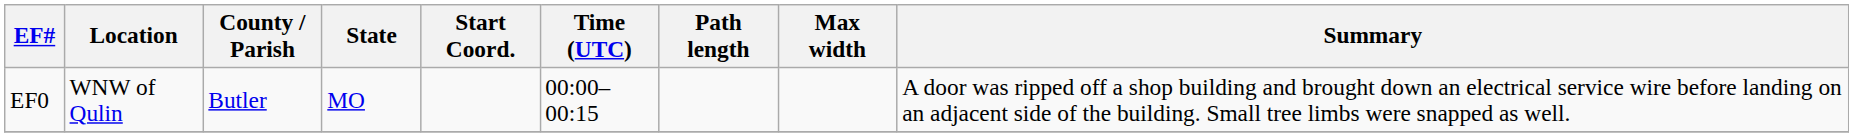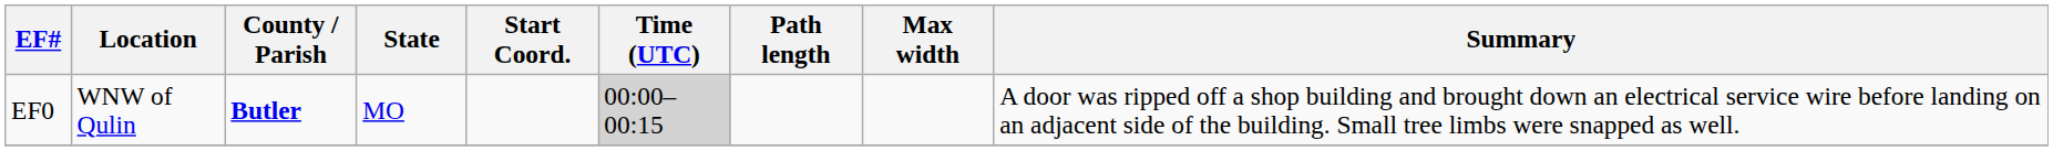 <table class="wikitable sortable" style="width:100%;">
 <tr>
 <th scope="col"  style="width:3%; text-align:center;"><a href='#'>EF#</a></th>
 <th scope="col"  style="width:7%; text-align:center;" class="unsortable">Location</th>
 <th scope="col"  style="width:6%; text-align:center;" class="unsortable">County / Parish</th>
 <th scope="col"  style="width:5%; text-align:center;">State</th>
 <th scope="col"  style="width:6%; text-align:center;">Start Coord.</th>
 <th scope="col"  style="width:6%; text-align:center;">Time (<a href='#'>UTC</a>)</th>
 <th scope="col"  style="width:6%; text-align:center;">Path length</th>
 <th scope="col"  style="width:6%; text-align:center;">Max width</th>
 <th scope="col" class="unsortable" style="width:48%; text-align:center;">Summary</th>
 </tr>
 <tr>
 <td bgcolor=>EF0</td>
 <td>WNW of <a href='#'>Qulin</a></td>
-<td><a href='#'>Butler</a></td>
+<td><strong><a href='#'>Butler</a></strong></td>
 <td><a href='#'>MO</a></td>
 <td></td>
-<td>00:00–00:15</td>
+<td style="background: lightgrey;">00:00–00:15</td>
 <td></td>
 <td></td>
 <td>A door was ripped off a shop building and brought down an electrical service wire before landing on an adjacent side of the building. Small tree limbs were snapped as well.</td>
 </tr>
 <tr>
 </tr>
 </table>
